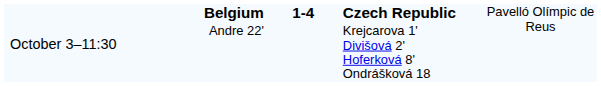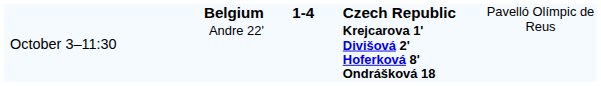 <table style="width: 100%; background:#F5FAFF;" cellspacing="0">
 <tr>
 <td style=font-size:95% align=center rowspan=3 width=20%>October 3–11:30</td>
 </tr>
 <tr>
 <td width=24% align=right><strong>Belgium</strong></td>
 <td align=center width=13%><strong>1-4</strong></td>
 <td width=24%><strong>Czech Republic</strong></td>
 <td style=font-size:85% rowspan=3 valign=top align=center>Pavelló Olímpic de Reus</td>
 </tr>
 <tr style=font-size:85%>
 <td align=right valign=top>Andre 22'</td>
 <td></td>
-<td valign=top>Krejcarova 1'<br><a href='#'>Divišová</a> 2'<br><a href='#'>Hoferková</a> 8'<br>Ondrášková 18</td>
+<td valign=top><strong>Krejcarova 1'<br><a href='#'>Divišová</a> 2'<br><a href='#'>Hoferková</a> 8'<br>Ondrášková 18</strong></td>
 </tr>
 </table>
